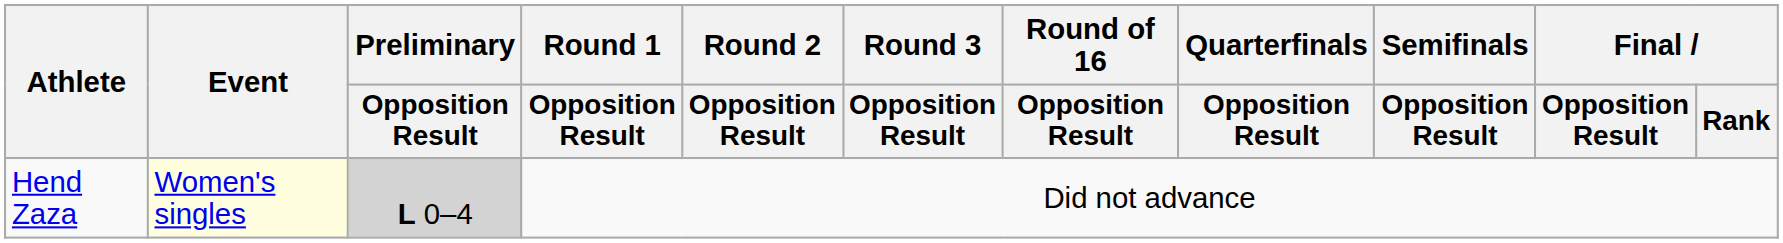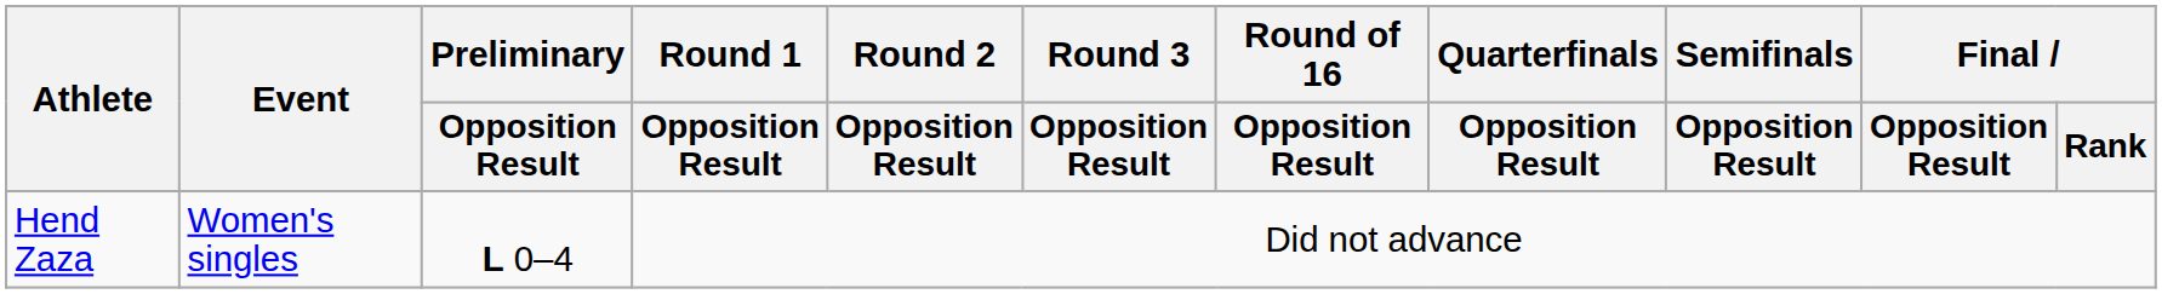 <table class="wikitable" style="font-size:90%;">
 <tr>
 <th rowspan=2>Athlete</th>
 <th rowspan=2>Event</th>
 <th>Preliminary</th>
 <th>Round 1</th>
 <th>Round 2</th>
 <th>Round 3</th>
 <th>Round of 16</th>
 <th>Quarterfinals</th>
 <th>Semifinals</th>
 <th colspan=2>Final / </th>
 </tr>
 <tr style="font-size:95%">
 <th>Opposition<br>Result</th>
 <th>Opposition<br>Result</th>
 <th>Opposition<br>Result</th>
 <th>Opposition<br>Result</th>
 <th>Opposition<br>Result</th>
 <th>Opposition<br>Result</th>
 <th>Opposition<br>Result</th>
 <th>Opposition<br>Result</th>
 <th>Rank</th>
 </tr>
 <tr align=center>
 <td align=left><a href='#'>Hend Zaza</a></td>
-<td align=left style="background: lightyellow;"><a href='#'>Women's singles</a></td>
-<td style="background: lightgrey;"><br><strong>L</strong> 0–4</td>
+<td align=left><a href='#'>Women's singles</a></td>
+<td><br><strong>L</strong> 0–4</td>
 <td colspan=8>Did not advance</td>
 </tr>
 </table>
